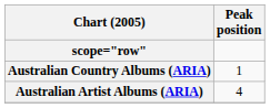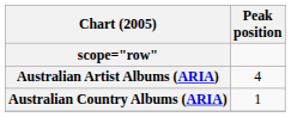 <table class="wikitable sortable plainrowheaders">
 <tr>
 <th scope="col">Chart (2005)</th>
 <th scope="col">Peak<br>position</th>
 </tr>
 <tr>
 <th>scope="row"</th>
 </tr>
 <tr>
+<th scope="row">Australian Artist Albums (<a href='#'>ARIA</a>)</th>
+<td align="center">4</td>
+</tr>
+<tr>
 <th scope="row">Australian Country Albums (<a href='#'>ARIA</a>)</th>
 <td align="center">1</td>
 </tr>
 <tr>
-<th scope="row">Australian Artist Albums (<a href='#'>ARIA</a>)</th>
-<td align="center">4</td>
-</tr>
-<tr>
 </tr>
 </table>
